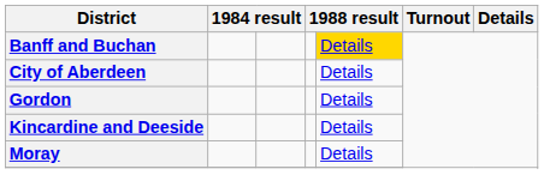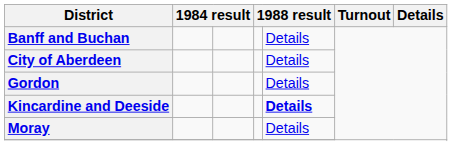 <table class="wikitable">
 <tr>
 <th scope="col">District</th>
 <th scope="col" colspan="2">1984 result</th>
 <th scope="col" colspan="2">1988 result</th>
 <th scope="col">Turnout</th>
 <th scope="col">Details</th>
 </tr>
 <tr>
 <th scope="row" style="text-align: left;"><a href='#'>Banff and Buchan</a></th>
 <td></td>
 <td></td>
 <td></td>
-<td style="background: gold;"><a href='#'>Details</a></td>
+<td><a href='#'>Details</a></td>
 </tr>
 <tr>
 <th scope="row" style="text-align: left;"><a href='#'>City of Aberdeen</a></th>
 <td></td>
 <td></td>
 <td></td>
 <td><a href='#'>Details</a></td>
 </tr>
 <tr>
 <th scope="row" style="text-align: left;"><a href='#'>Gordon</a></th>
 <td></td>
 <td></td>
 <td></td>
 <td><a href='#'>Details</a></td>
 </tr>
 <tr>
 <th scope="row" style="text-align: left;"><a href='#'>Kincardine and Deeside</a></th>
 <td></td>
 <td></td>
 <td></td>
-<td><a href='#'>Details</a></td>
+<td><strong><a href='#'>Details</a></strong></td>
 </tr>
 <tr>
 <th scope="row" style="text-align: left;"><a href='#'>Moray</a></th>
 <td></td>
 <td></td>
 <td></td>
 <td><a href='#'>Details</a></td>
 </tr>
 <tr>
 </tr>
 </table>
